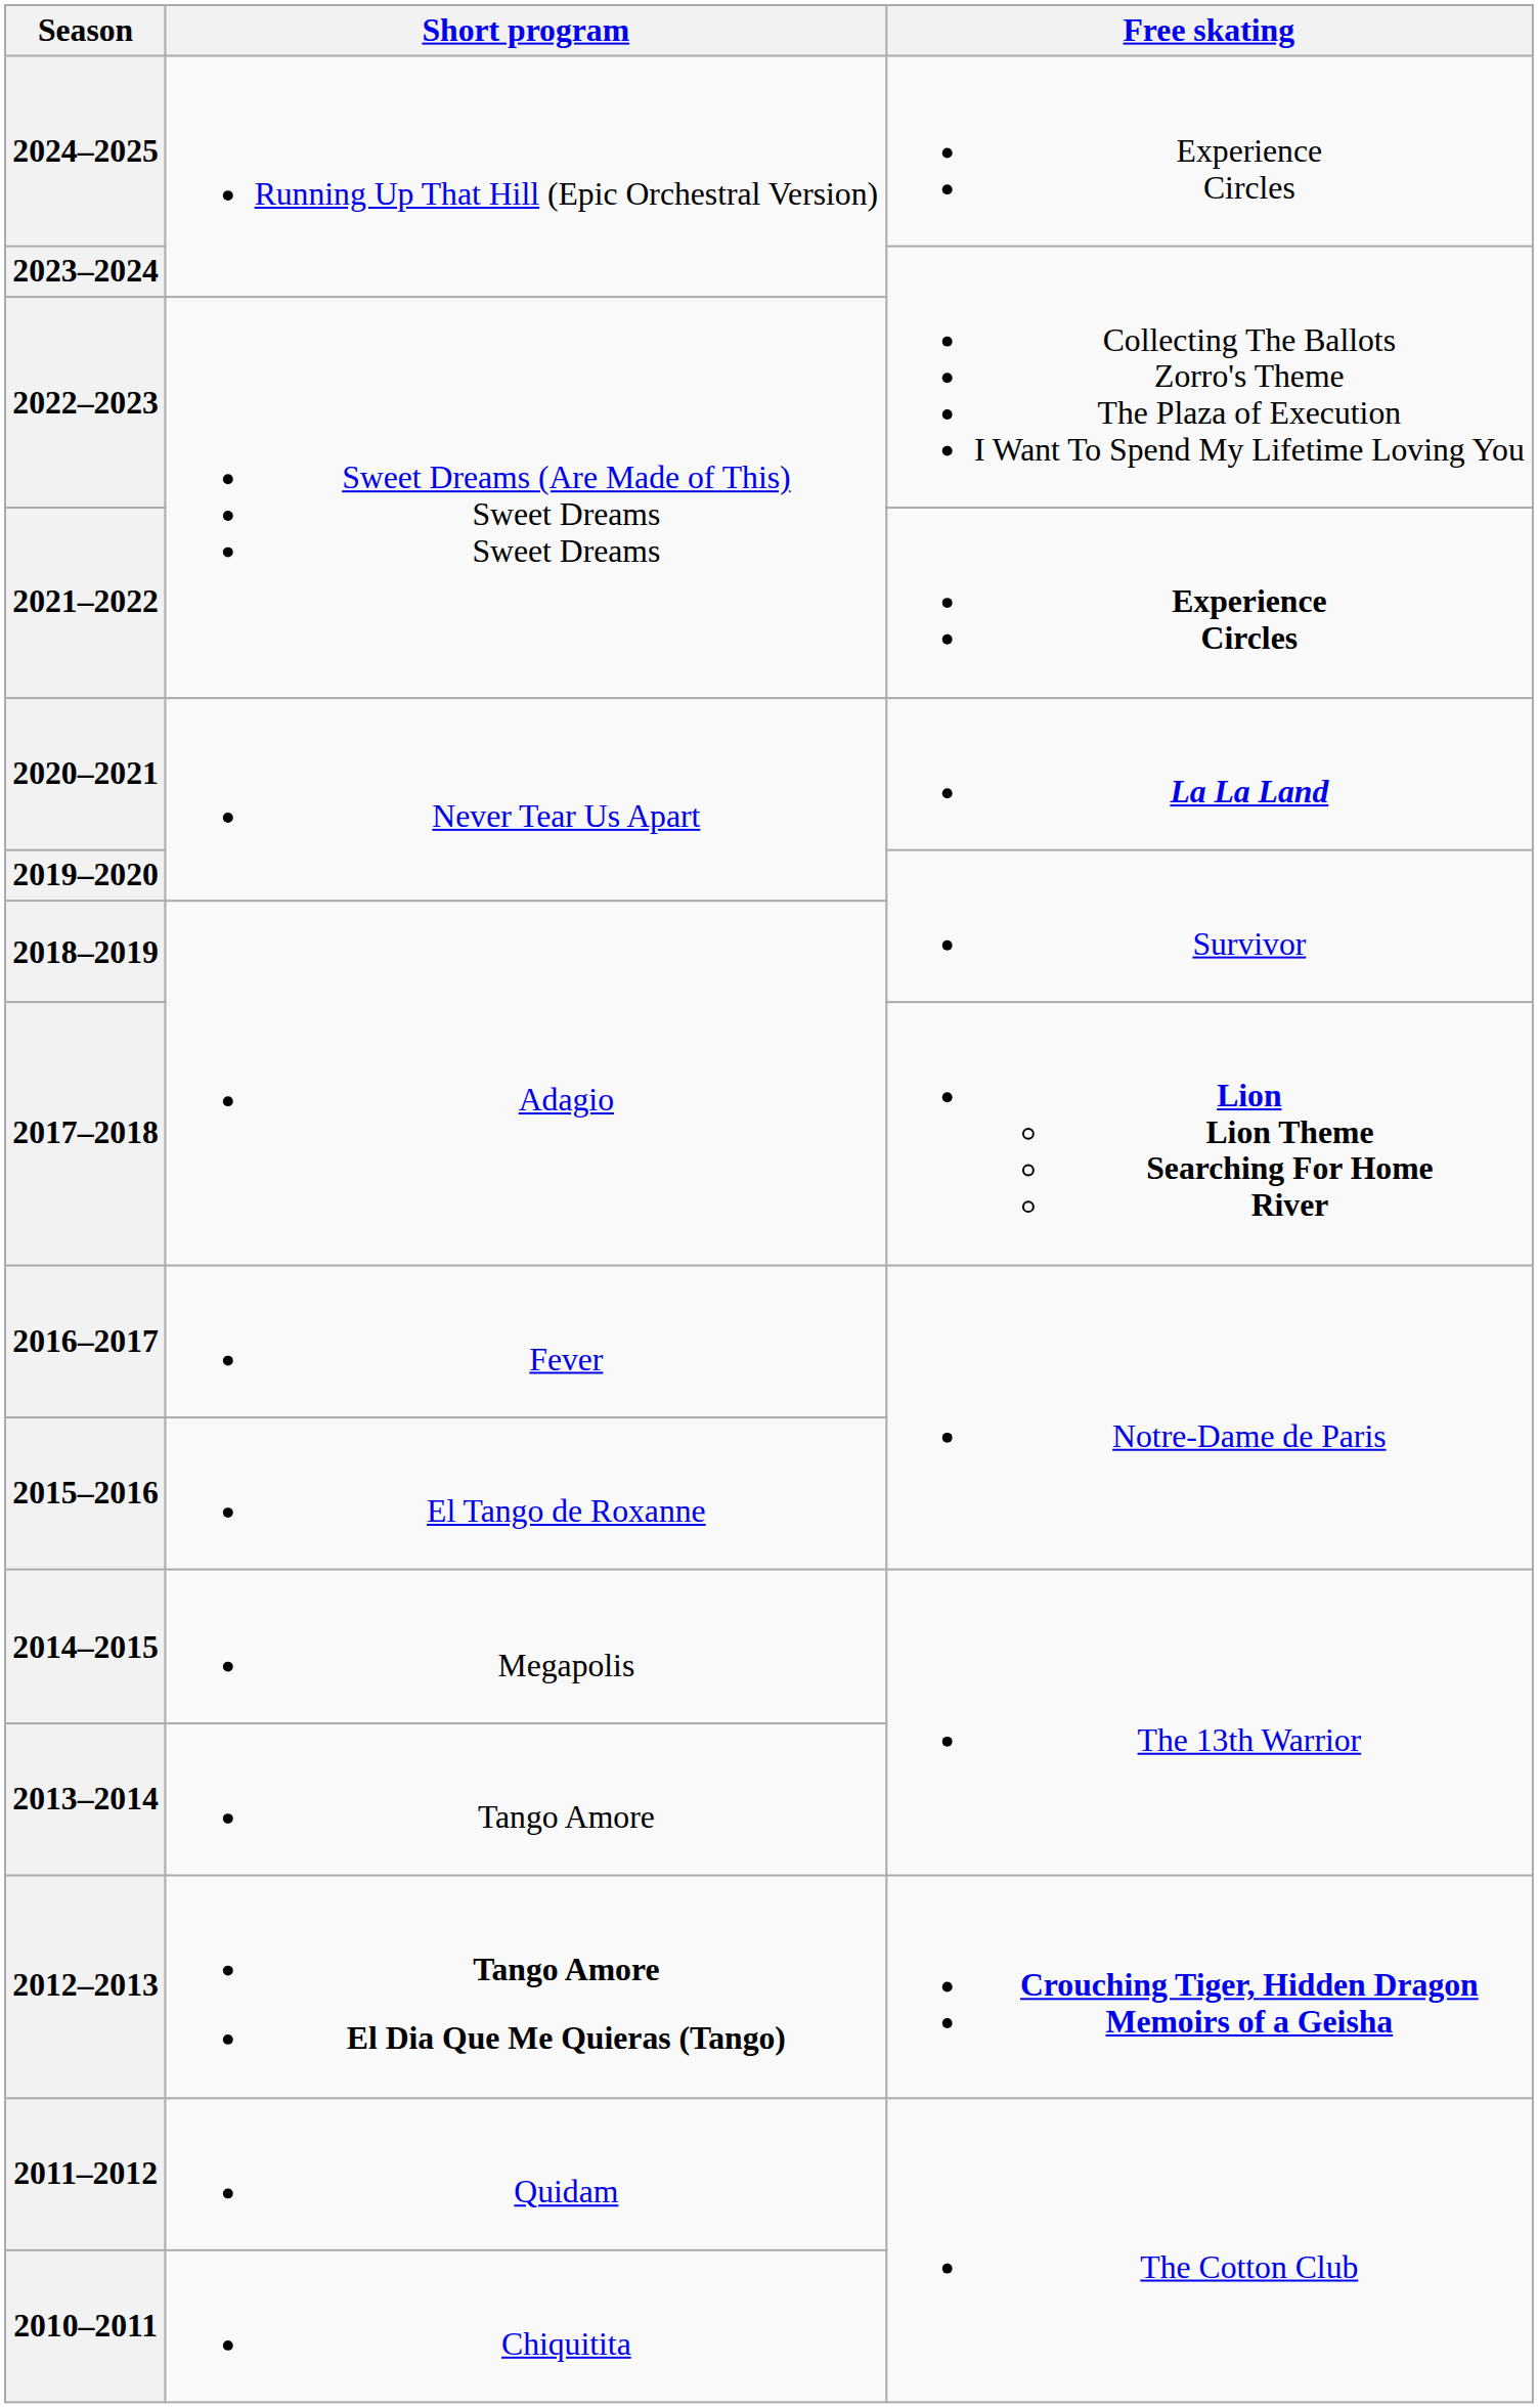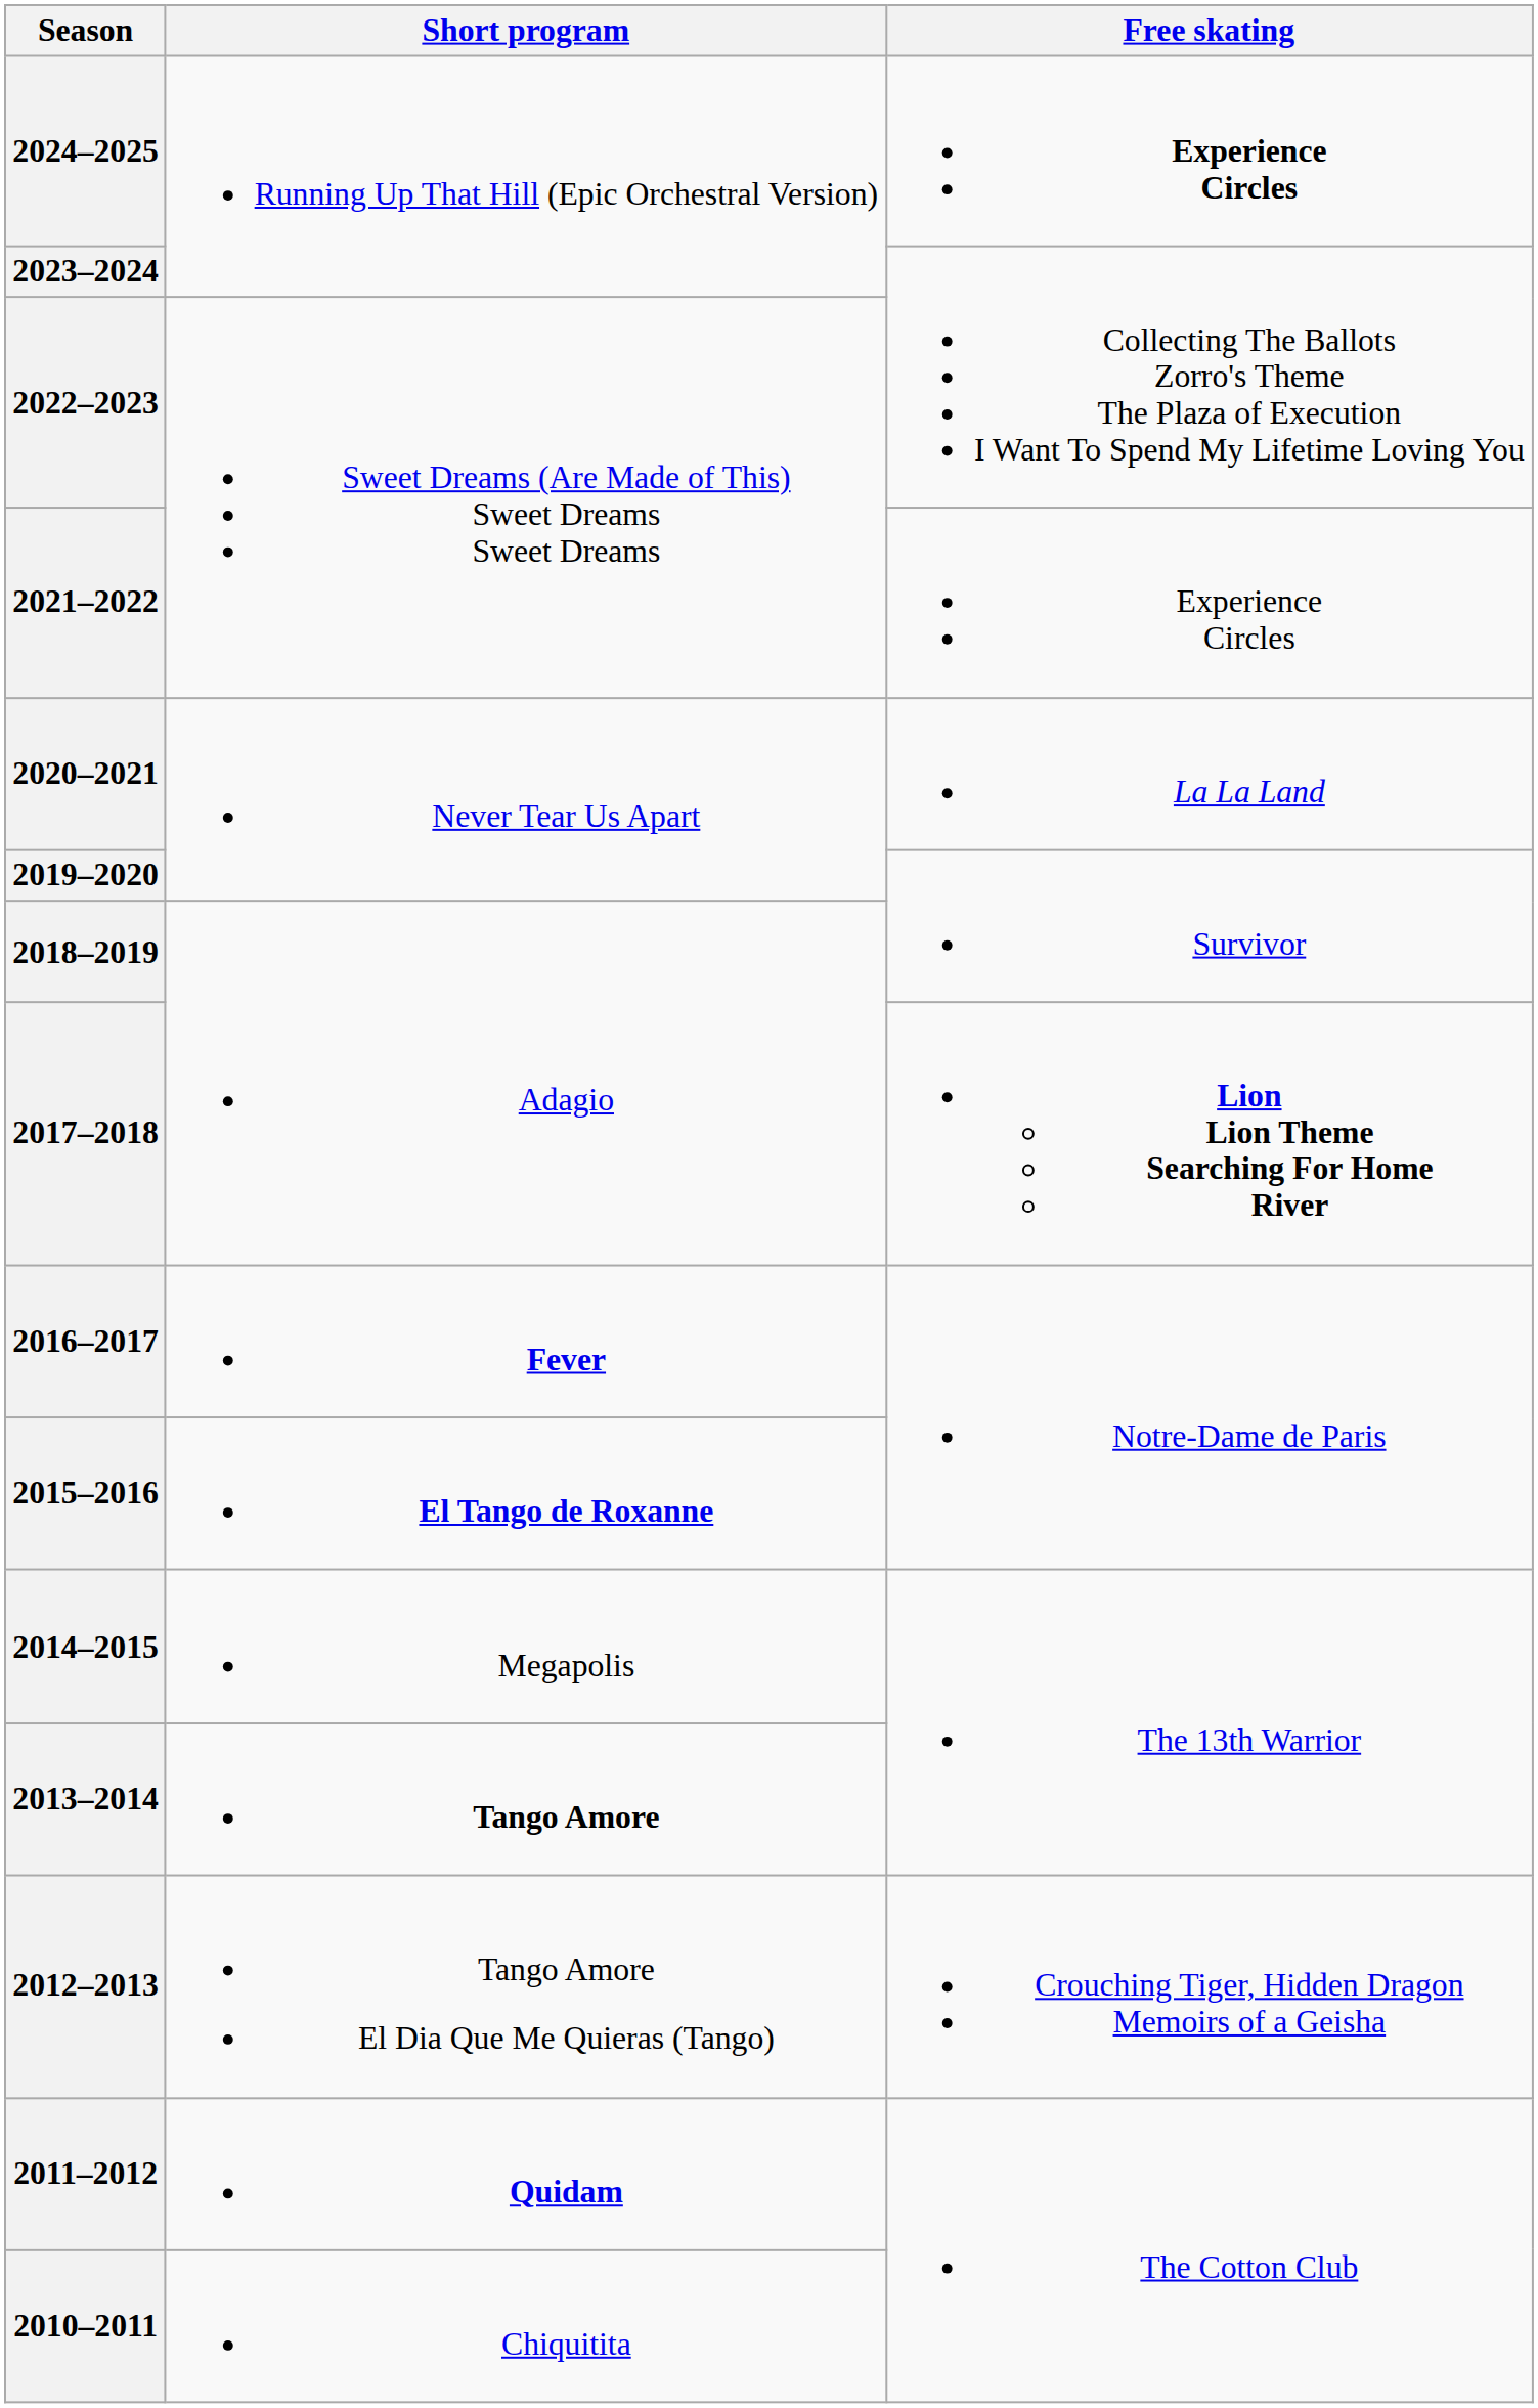 <table class=wikitable style=text-align:center>
 <tr>
 <th>Season</th>
 <th><a href='#'>Short program</a></th>
 <th><a href='#'>Free skating</a></th>
 </tr>
 <tr>
 <th>2024–2025 <br> </th>
 <td rowspan=2><br><ul><li><a href='#'>Running Up That Hill</a> (Epic Orchestral Version) <br></li></ul></td>
-<td><br><ul><li>Experience <br> </li><li>Circles <br> </li></ul></td>
+<td><strong><br><ul><li>Experience <br> </li><li>Circles <br> </li></ul></strong></td>
 </tr>
 <tr>
 <th>2023–2024 <br> </th>
 <td rowspan=2><br><ul><li>Collecting The Ballots</li><li>Zorro's Theme</li><li>The Plaza of Execution</li><li>I Want To Spend My Lifetime Loving You <br> </li></ul></td>
 </tr>
 <tr>
 <th>2022–2023 <br> </th>
 <td rowspan=2><br><ul><li><a href='#'>Sweet Dreams (Are Made of This)</a> <br> </li><li>Sweet Dreams <br> </li><li>Sweet Dreams <br> </li></ul></td>
 </tr>
 <tr>
 <th>2021–2022 <br> </th>
-<td><strong><br><ul><li>Experience <br> </li><li>Circles <br> </li></ul></strong></td>
+<td><br><ul><li>Experience <br> </li><li>Circles <br> </li></ul></td>
 </tr>
 <tr>
 <th>2020–2021 <br> </th>
 <td rowspan=2><br><ul><li><a href='#'>Never Tear Us Apart</a> <br></li></ul></td>
-<td><strong><br><ul><li><em><a href='#'>La La Land</a></em> <br></li></ul></strong></td>
+<td><br><ul><li><em><a href='#'>La La Land</a></em> <br></li></ul></td>
 </tr>
 <tr>
 <th>2019–2020 <br> </th>
 <td rowspan=2><br><ul><li><a href='#'>Survivor</a> <br></li></ul></td>
 </tr>
 <tr>
 <th>2018–2019 <br> </th>
 <td rowspan=2><br><ul><li><a href='#'>Adagio</a> <br></li></ul></td>
 </tr>
 <tr>
 <th>2017–2018 <br> </th>
 <td><strong><br><ul><li><a href='#'>Lion</a> <br><ul><li>Lion Theme</li><li>Searching For Home</li><li>River <br></li></ul></li></ul></strong></td>
 </tr>
 <tr>
 <th>2016–2017 <br> </th>
-<td><br><ul><li><a href='#'>Fever</a> <br></li></ul></td>
+<td><strong><br><ul><li><a href='#'>Fever</a> <br></li></ul></strong></td>
 <td rowspan=2><br><ul><li><a href='#'>Notre-Dame de Paris</a> <br></li></ul></td>
 </tr>
 <tr>
 <th>2015–2016 <br> </th>
-<td><br><ul><li><a href='#'>El Tango de Roxanne</a> <br></li></ul></td>
+<td><strong><br><ul><li><a href='#'>El Tango de Roxanne</a> <br></li></ul></strong></td>
 </tr>
 <tr>
 <th>2014–2015 <br> </th>
 <td><br><ul><li>Megapolis <br></li></ul></td>
 <td rowspan=2><br><ul><li><a href='#'>The 13th Warrior</a> <br></li></ul></td>
 </tr>
 <tr>
 <th>2013–2014 <br> </th>
-<td><br><ul><li>Tango Amore <br></li></ul></td>
+<td><strong><br><ul><li>Tango Amore <br></li></ul></strong></td>
 </tr>
 <tr>
 <th>2012–2013 <br> </th>
-<td><strong><br><ul><li>Tango Amore <br></li></ul><ul><li>El Dia Que Me Quieras (Tango) <br></li></ul></strong></td>
-<td><strong><br><ul><li><a href='#'>Crouching Tiger, Hidden Dragon</a> <br></li><li><a href='#'>Memoirs of a Geisha</a> <br></li></ul></strong></td>
+<td><br><ul><li>Tango Amore <br></li></ul><ul><li>El Dia Que Me Quieras (Tango) <br></li></ul></td>
+<td><br><ul><li><a href='#'>Crouching Tiger, Hidden Dragon</a> <br></li><li><a href='#'>Memoirs of a Geisha</a> <br></li></ul></td>
 </tr>
 <tr>
 <th>2011–2012 <br> </th>
-<td><br><ul><li><a href='#'>Quidam</a> <br></li></ul></td>
+<td><strong><br><ul><li><a href='#'>Quidam</a> <br></li></ul></strong></td>
 <td rowspan=2><br><ul><li><a href='#'>The Cotton Club</a> <br></li></ul></td>
 </tr>
 <tr>
 <th>2010–2011 <br> </th>
 <td><br><ul><li><a href='#'>Chiquitita</a> <br></li></ul></td>
 </tr>
 </table>
